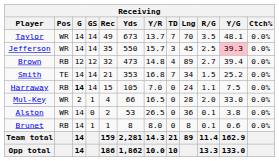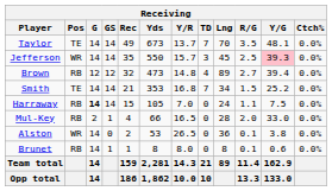 <table class="wikitable" style="text-align:center">
 <tr>
 <th colspan="12">Receiving</th>
 </tr>
 <tr>
 <th>Player</th>
 <th>Pos</th>
 <th>G</th>
 <th>GS</th>
 <th>Rec</th>
 <th>Yds</th>
 <th>Y/R</th>
 <th>TD</th>
 <th>Lng</th>
 <th>R/G</th>
 <th>Y/G</th>
 <th>Ctch%</th>
 </tr>
 <tr>
 <td><a href='#'>Taylor</a></td>
-<td>WR</td>
+<td>TE</td>
 <td>14</td>
 <td>14</td>
 <td>49</td>
 <td>673</td>
 <td>13.7</td>
 <td>7</td>
 <td>70</td>
 <td>3.5</td>
 <td>48.1</td>
 <td>0.0%</td>
 </tr>
 <tr>
 <td><a href='#'>Jefferson</a></td>
 <td>WR</td>
 <td>14</td>
 <td>14</td>
 <td>35</td>
 <td>550</td>
 <td>15.7</td>
 <td>3</td>
 <td>45</td>
 <td>2.5</td>
 <td style="background: pink;">39.3</td>
 <td>0.0%</td>
 </tr>
 <tr>
 <td><a href='#'>Brown</a></td>
 <td>RB</td>
 <td>12</td>
 <td>12</td>
 <td>32</td>
 <td>473</td>
 <td>14.8</td>
 <td>4</td>
 <td>89</td>
 <td>2.7</td>
 <td>39.4</td>
 <td>0.0%</td>
 </tr>
 <tr>
 <td><a href='#'>Smith</a></td>
 <td>TE</td>
 <td>14</td>
 <td>14</td>
 <td>21</td>
 <td>353</td>
 <td>16.8</td>
 <td>7</td>
 <td>34</td>
 <td>1.5</td>
 <td>25.2</td>
 <td>0.0%</td>
 </tr>
 <tr>
 <td><a href='#'>Harraway</a></td>
 <td>RB</td>
 <td><strong>14</strong></td>
 <td>14</td>
 <td>15</td>
 <td>105</td>
 <td>7.0</td>
 <td>0</td>
 <td>24</td>
 <td>1.1</td>
 <td>7.5</td>
 <td>0.0%</td>
 </tr>
 <tr>
 <td><a href='#'>Mul-Key</a></td>
-<td>WR</td>
+<td>RB</td>
 <td>2</td>
 <td>1</td>
 <td>4</td>
 <td>66</td>
 <td>16.5</td>
 <td>0</td>
 <td>28</td>
 <td>2.0</td>
 <td>33.0</td>
 <td>0.0%</td>
 </tr>
 <tr>
 <td><a href='#'>Alston</a></td>
 <td>WR</td>
 <td>14</td>
 <td>0</td>
 <td>2</td>
 <td>53</td>
 <td>26.5</td>
 <td>0</td>
 <td>36</td>
 <td>0.1</td>
 <td>3.8</td>
 <td>0.0%</td>
 </tr>
 <tr>
 <td><a href='#'>Brunet</a></td>
 <td>RB</td>
 <td>14</td>
 <td>1</td>
 <td>1</td>
 <td>8</td>
 <td>8.0</td>
 <td>0</td>
 <td>8</td>
 <td>0.1</td>
 <td>0.6</td>
 <td>0.0%</td>
 </tr>
 <tr>
 <th>Team total</th>
 <th></th>
 <th>14</th>
 <th></th>
 <th>159</th>
 <th>2,281</th>
 <th>14.3</th>
 <th>21</th>
 <th>89</th>
 <th>11.4</th>
 <th>162.9</th>
 <th></th>
 </tr>
 <tr>
 <th>Opp total</th>
 <th></th>
 <th>14</th>
 <th></th>
 <th>186</th>
 <th>1,862</th>
 <th>10.0</th>
 <th>10</th>
 <th></th>
 <th>13.3</th>
 <th>133.0</th>
 <th></th>
 </tr>
 </table>
